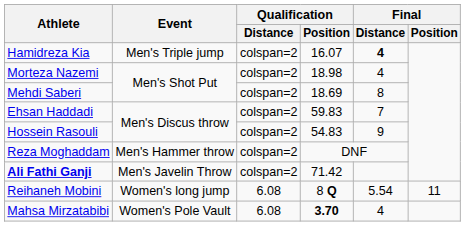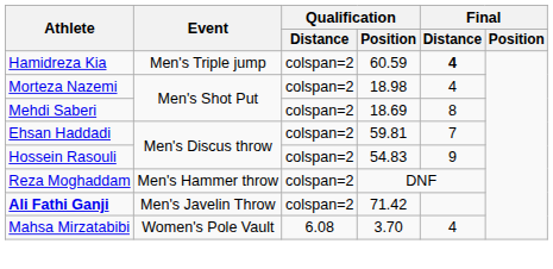 <table class=wikitable style=font-size:90%;text-align:center>
 <tr>
 <th rowspan=2>Athlete</th>
 <th rowspan=2>Event</th>
 <th colspan=2>Qualification</th>
 <th colspan=2>Final</th>
 </tr>
 <tr style=font-size:95%>
 <th>Distance</th>
 <th>Position</th>
 <th>Distance</th>
 <th>Position</th>
 </tr>
 <tr>
 <td align=left><a href='#'>Hamidreza Kia</a></td>
 <td>Men's Triple jump</td>
 <td>colspan=2 </td>
-<td>16.07</td>
+<td>60.59</td>
 <td><strong>4</strong></td>
 </tr>
 <tr>
 <td align=left><a href='#'>Morteza Nazemi</a></td>
 <td rowspan=2>Men's Shot Put</td>
 <td>colspan=2 </td>
 <td>18.98</td>
 <td>4</td>
 </tr>
 <tr>
 <td align=left><a href='#'>Mehdi Saberi</a></td>
 <td>colspan=2 </td>
 <td>18.69</td>
 <td>8</td>
 </tr>
 <tr>
 <td align=left><a href='#'>Ehsan Haddadi</a></td>
 <td rowspan=2>Men's Discus throw</td>
 <td>colspan=2 </td>
-<td>59.83</td>
+<td>59.81</td>
 <td>7</td>
 </tr>
 <tr>
 <td align=left><a href='#'>Hossein Rasouli</a></td>
 <td>colspan=2 </td>
 <td>54.83</td>
 <td>9</td>
 </tr>
 <tr>
 <td align=left><a href='#'>Reza Moghaddam</a></td>
 <td>Men's Hammer throw</td>
 <td>colspan=2 </td>
 <td colspan=2>DNF</td>
 </tr>
 <tr>
 <td align=left><strong><a href='#'>Ali Fathi Ganji</a></strong></td>
 <td>Men's Javelin Throw</td>
 <td>colspan=2 </td>
 <td>71.42</td>
 <td></td>
 </tr>
 <tr>
-<td align=left><a href='#'>Reihaneh Mobini</a></td>
-<td>Women's long jump</td>
-<td>6.08</td>
-<td>8 <strong>Q</strong></td>
-<td>5.54</td>
-<td>11</td>
-</tr>
-<tr>
 <td align=left><a href='#'>Mahsa Mirzatabibi</a></td>
 <td>Women's Pole Vault</td>
 <td>6.08</td>
-<td><strong>3.70</strong></td>
+<td>3.70</td>
 <td>4</td>
 </tr>
 </table>
